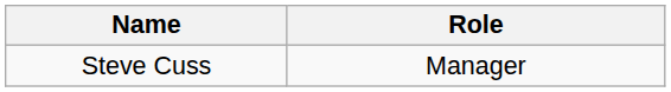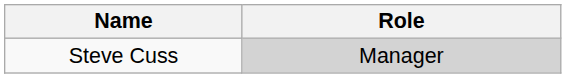 <table class="wikitable" border="1">
 <tr>
 <th width="170">Name</th>
 <th width="230">Role</th>
 </tr>
 <tr>
 <td align="center">Steve Cuss</td>
-<td align="center">Manager</td>
+<td align="center" style="background: lightgrey;">Manager</td>
 </tr>
 </table>
